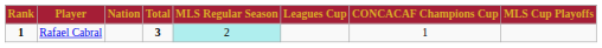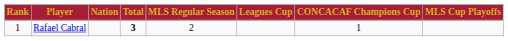 <table class="wikitable" style="font-size: 95%; text-align: center;">
 <tr>
 </tr>
 <tr>
 <th style="background:#A51E36; color:#DAAC27; text-align:center;">Rank</th>
 <th style="background:#A51E36; color:#DAAC27; text-align:center;">Player</th>
 <th style="background:#A51E36; color:#DAAC27; text-align:center;">Nation</th>
 <th style="background:#A51E36; color:#DAAC27; text-align:center;">Total</th>
 <th style="background:#A51E36; color:#DAAC27; text-align:center;">MLS Regular Season</th>
 <th style="background:#A51E36; color:#DAAC27; text-align:center;">Leagues Cup</th>
 <th style="background:#A51E36; color:#DAAC27; text-align:center;">CONCACAF Champions Cup</th>
 <th style="background:#A51E36; color:#DAAC27; text-align:center;">MLS Cup Playoffs</th>
 </tr>
 <tr>
-<td rowspan="1"><strong>1</strong></td>
+<td rowspan="1">1</td>
 <td><a href='#'>Rafael Cabral</a></td>
 <td></td>
 <td><strong>3</strong></td>
-<td style="background: paleturquoise;">2</td>
+<td>2</td>
 <td></td>
 <td>1</td>
 <td></td>
 </tr>
 </table>
